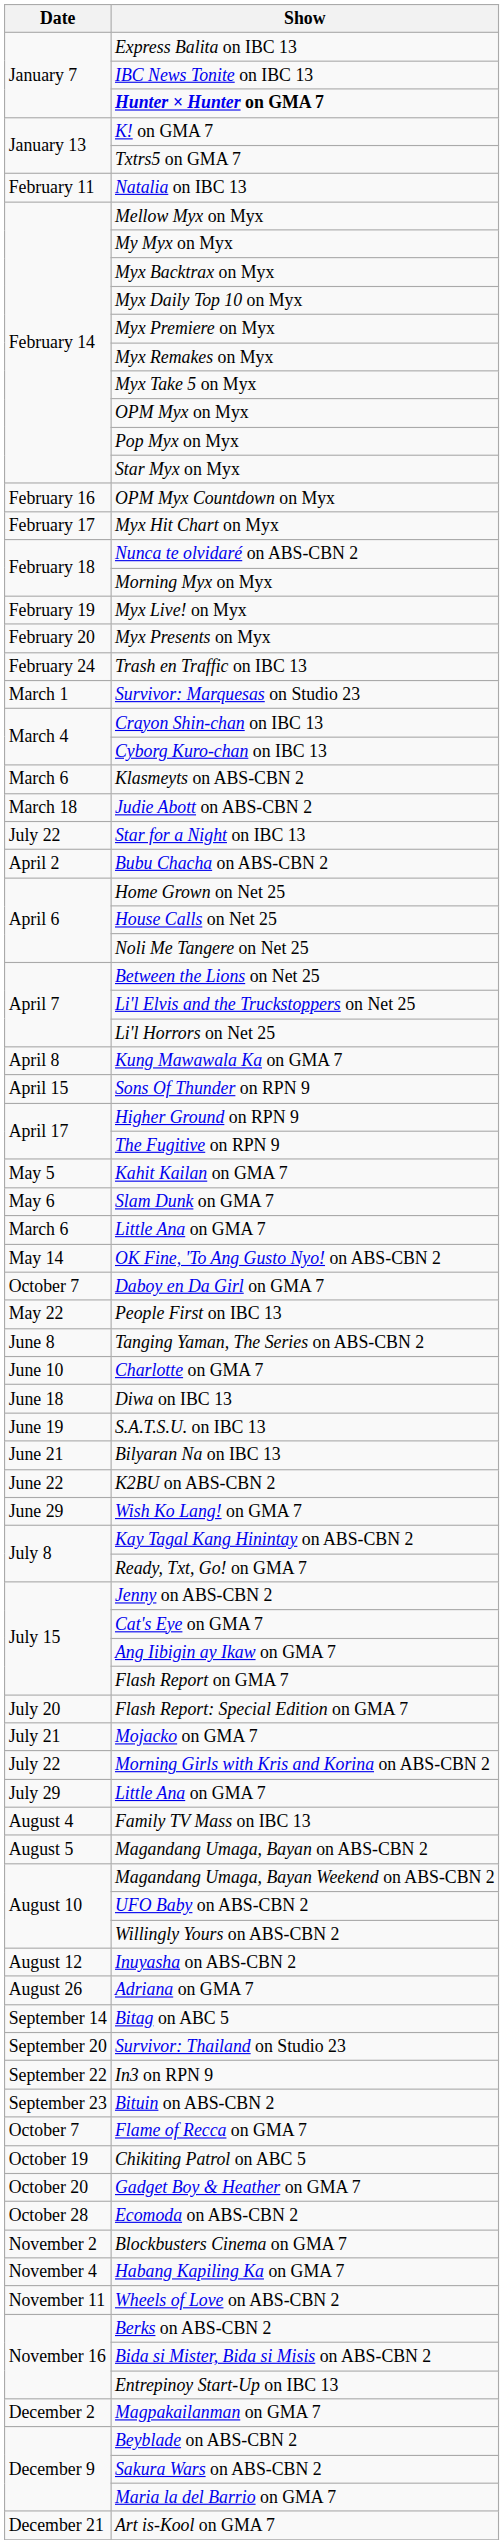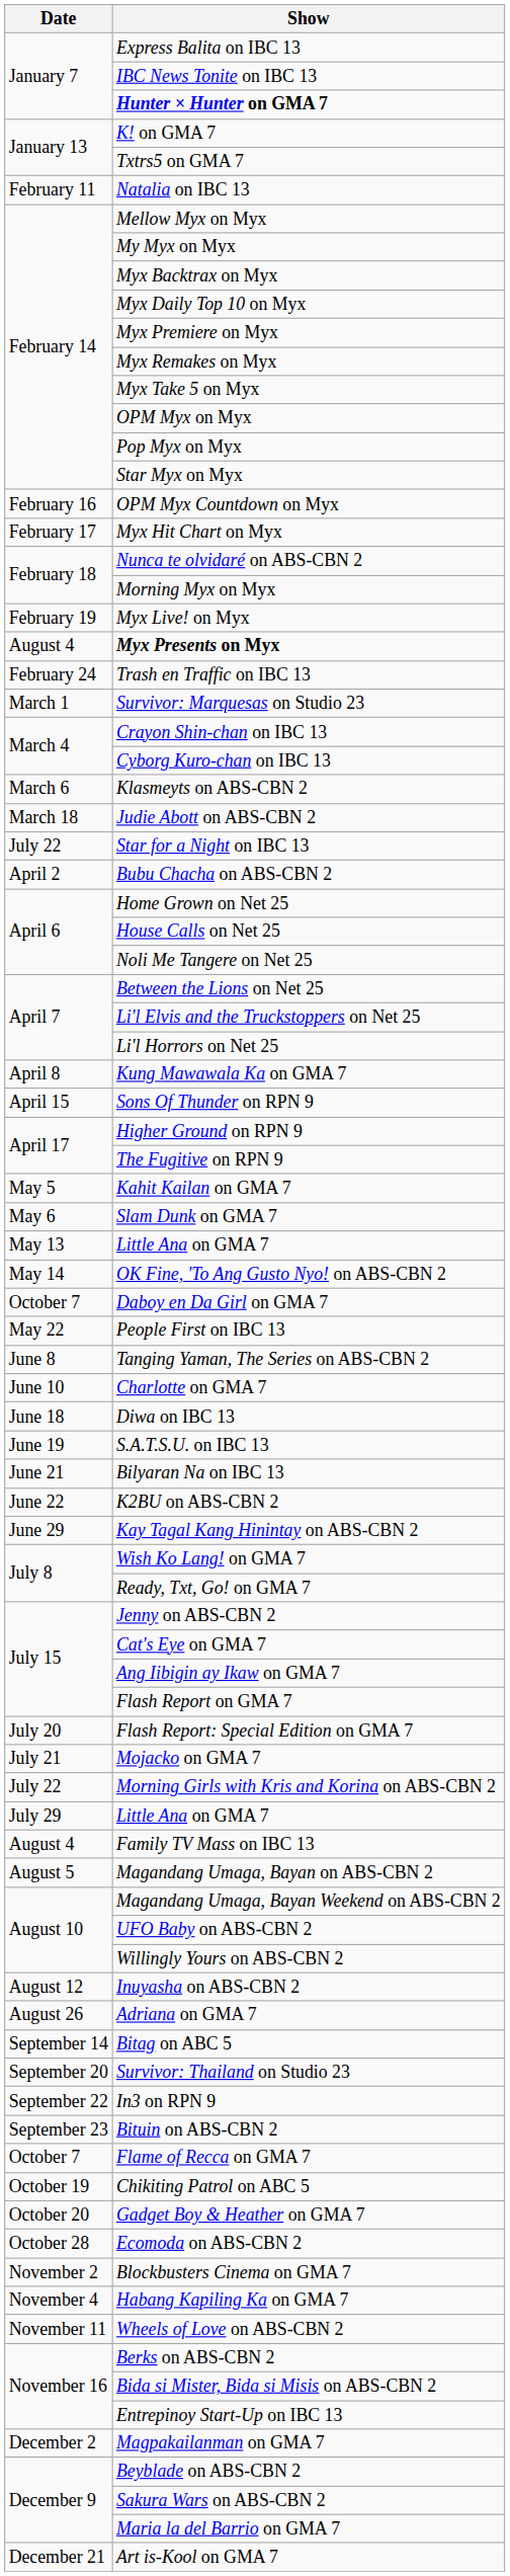 <table class="wikitable">
 <tr>
 <th>Date</th>
 <th>Show</th>
 </tr>
 <tr>
 <td rowspan="3">January 7</td>
 <td><em>Express Balita</em> on IBC 13</td>
 </tr>
 <tr>
 <td><em><a href='#'>IBC News Tonite</a></em> on IBC 13</td>
 </tr>
 <tr>
 <td><strong><em><a href='#'>Hunter × Hunter</a></em> on GMA 7</strong></td>
 </tr>
 <tr>
 <td rowspan="2">January 13</td>
 <td><em><a href='#'>K!</a></em> on GMA 7</td>
 </tr>
 <tr>
 <td><em>Txtrs5</em> on GMA 7</td>
 </tr>
 <tr>
 <td>February 11</td>
 <td><em><a href='#'>Natalia</a></em> on IBC 13</td>
 </tr>
 <tr>
 <td rowspan="10">February 14</td>
 <td><em>Mellow Myx</em> on Myx</td>
 </tr>
 <tr>
 <td><em>My Myx</em> on Myx</td>
 </tr>
 <tr>
 <td><em>Myx Backtrax</em> on Myx</td>
 </tr>
 <tr>
 <td><em>Myx Daily Top 10</em> on Myx</td>
 </tr>
 <tr>
 <td><em>Myx Premiere</em> on Myx</td>
 </tr>
 <tr>
 <td><em>Myx Remakes</em> on Myx</td>
 </tr>
 <tr>
 <td><em>Myx Take 5</em> on Myx</td>
 </tr>
 <tr>
 <td><em>OPM Myx</em> on Myx</td>
 </tr>
 <tr>
 <td><em>Pop Myx</em> on Myx</td>
 </tr>
 <tr>
 <td><em>Star Myx</em> on Myx</td>
 </tr>
 <tr>
 <td>February 16</td>
 <td><em>OPM Myx Countdown</em> on Myx</td>
 </tr>
 <tr>
 <td>February 17</td>
 <td><em>Myx Hit Chart</em> on Myx</td>
 </tr>
 <tr>
 <td rowspan="2">February 18</td>
 <td><em><a href='#'>Nunca te olvidaré</a></em> on ABS-CBN 2</td>
 </tr>
 <tr>
 <td><em>Morning Myx</em> on Myx</td>
 </tr>
 <tr>
 <td>February 19</td>
 <td><em>Myx Live!</em> on Myx</td>
 </tr>
 <tr>
-<td>February 20</td>
-<td><em>Myx Presents</em> on Myx</td>
+<td>August 4</td>
+<td><strong><em>Myx Presents</em> on Myx</strong></td>
 </tr>
 <tr>
 <td>February 24</td>
 <td><em>Trash en Traffic</em> on IBC 13</td>
 </tr>
 <tr>
 <td>March 1</td>
 <td><em><a href='#'>Survivor: Marquesas</a></em> on Studio 23</td>
 </tr>
 <tr>
 <td rowspan="2">March 4</td>
 <td><em><a href='#'>Crayon Shin-chan</a></em> on IBC 13</td>
 </tr>
 <tr>
 <td><em><a href='#'>Cyborg Kuro-chan</a></em> on IBC 13</td>
 </tr>
 <tr>
 <td>March 6</td>
 <td><em>Klasmeyts</em> on ABS-CBN 2</td>
 </tr>
 <tr>
 <td>March 18</td>
 <td><em><a href='#'>Judie Abott</a></em> on ABS-CBN 2</td>
 </tr>
 <tr>
 <td>July 22</td>
 <td><em><a href='#'>Star for a Night</a></em> on IBC 13</td>
 </tr>
 <tr>
 <td>April 2</td>
 <td><em><a href='#'>Bubu Chacha</a></em> on ABS-CBN 2</td>
 </tr>
 <tr>
 <td rowspan="3">April 6</td>
 <td><em>Home Grown</em> on Net 25</td>
 </tr>
 <tr>
 <td><em><a href='#'>House Calls</a></em> on Net 25</td>
 </tr>
 <tr>
 <td><em>Noli Me Tangere</em> on Net 25</td>
 </tr>
 <tr>
 <td rowspan="3">April 7</td>
 <td><em><a href='#'>Between the Lions</a></em> on Net 25</td>
 </tr>
 <tr>
 <td><em><a href='#'>Li'l Elvis and the Truckstoppers</a></em> on Net 25</td>
 </tr>
 <tr>
 <td><em>Li'l Horrors</em> on Net 25</td>
 </tr>
 <tr>
 <td>April 8</td>
 <td><em><a href='#'>Kung Mawawala Ka</a></em> on GMA 7</td>
 </tr>
 <tr>
 <td>April 15</td>
 <td><em><a href='#'>Sons Of Thunder</a></em> on RPN 9</td>
 </tr>
 <tr>
 <td rowspan="2">April 17</td>
 <td><em><a href='#'>Higher Ground</a></em> on RPN 9</td>
 </tr>
 <tr>
 <td><em><a href='#'>The Fugitive</a></em> on RPN 9</td>
 </tr>
 <tr>
 <td>May 5</td>
 <td><em><a href='#'>Kahit Kailan</a></em> on GMA 7</td>
 </tr>
 <tr>
 <td>May 6</td>
 <td><em><a href='#'>Slam Dunk</a></em> on GMA 7</td>
 </tr>
 <tr>
-<td>March 6</td>
+<td>May 13</td>
 <td><em><a href='#'>Little Ana</a></em> on GMA 7</td>
 </tr>
 <tr>
 <td>May 14</td>
 <td><em><a href='#'>OK Fine, 'To Ang Gusto Nyo!</a></em> on ABS-CBN 2</td>
 </tr>
 <tr>
 <td>October 7</td>
 <td><em><a href='#'>Daboy en Da Girl</a></em> on GMA 7</td>
 </tr>
 <tr>
 <td>May 22</td>
 <td><em>People First</em> on IBC 13</td>
 </tr>
 <tr>
 <td>June 8</td>
 <td><em>Tanging Yaman, The Series</em> on ABS-CBN 2</td>
 </tr>
 <tr>
 <td>June 10</td>
 <td><em><a href='#'>Charlotte</a></em> on GMA 7</td>
 </tr>
 <tr>
 <td>June 18</td>
 <td><em>Diwa</em> on IBC 13</td>
 </tr>
 <tr>
 <td>June 19</td>
 <td><em>S.A.T.S.U.</em> on IBC 13</td>
 </tr>
 <tr>
 <td>June 21</td>
 <td><em>Bilyaran Na</em> on IBC 13</td>
 </tr>
 <tr>
 <td>June 22</td>
 <td><em>K2BU</em> on ABS-CBN 2</td>
 </tr>
 <tr>
 <td>June 29</td>
-<td><em><a href='#'>Wish Ko Lang!</a></em> on GMA 7</td>
+<td><em><a href='#'>Kay Tagal Kang Hinintay</a></em> on ABS-CBN 2</td>
 </tr>
 <tr>
 <td rowspan="2">July 8</td>
-<td><em><a href='#'>Kay Tagal Kang Hinintay</a></em> on ABS-CBN 2</td>
+<td><em><a href='#'>Wish Ko Lang!</a></em> on GMA 7</td>
 </tr>
 <tr>
 <td><em>Ready, Txt, Go!</em> on GMA 7</td>
 </tr>
 <tr>
 <td rowspan="4">July 15</td>
 <td><em><a href='#'>Jenny</a></em> on ABS-CBN 2</td>
 </tr>
 <tr>
 <td><em><a href='#'>Cat's Eye</a></em> on GMA 7</td>
 </tr>
 <tr>
 <td><em><a href='#'>Ang Iibigin ay Ikaw</a></em> on GMA 7</td>
 </tr>
 <tr>
 <td><em>Flash Report</em> on GMA 7</td>
 </tr>
 <tr>
 <td>July 20</td>
 <td><em>Flash Report: Special Edition</em> on GMA 7</td>
 </tr>
 <tr>
 <td>July 21</td>
 <td><em><a href='#'>Mojacko</a></em> on GMA 7</td>
 </tr>
 <tr>
 <td>July 22</td>
 <td><em><a href='#'>Morning Girls with Kris and Korina</a></em> on ABS-CBN 2</td>
 </tr>
 <tr>
 <td>July 29</td>
 <td><em><a href='#'>Little Ana</a></em> on GMA 7</td>
 </tr>
 <tr>
 <td>August 4</td>
 <td><em>Family TV Mass</em> on IBC 13</td>
 </tr>
 <tr>
 <td>August 5</td>
 <td><em>Magandang Umaga, Bayan</em> on ABS-CBN 2</td>
 </tr>
 <tr>
 <td rowspan="3">August 10</td>
 <td><em>Magandang Umaga, Bayan Weekend</em> on ABS-CBN 2</td>
 </tr>
 <tr>
 <td><em><a href='#'>UFO Baby</a></em> on ABS-CBN 2</td>
 </tr>
 <tr>
 <td><em>Willingly Yours</em> on ABS-CBN 2</td>
 </tr>
 <tr>
 <td>August 12</td>
 <td><em><a href='#'>Inuyasha</a></em> on ABS-CBN 2</td>
 </tr>
 <tr>
 <td>August 26</td>
 <td><em><a href='#'>Adriana</a></em> on GMA 7</td>
 </tr>
 <tr>
 <td>September 14</td>
 <td><em><a href='#'>Bitag</a></em> on ABC 5</td>
 </tr>
 <tr>
 <td>September 20</td>
 <td><em><a href='#'>Survivor: Thailand</a></em> on Studio 23</td>
 </tr>
 <tr>
 <td>September 22</td>
 <td><em>In3</em> on RPN 9</td>
 </tr>
 <tr>
 <td>September 23</td>
 <td><em><a href='#'>Bituin</a></em> on ABS-CBN 2</td>
 </tr>
 <tr>
 <td>October 7</td>
 <td><em><a href='#'>Flame of Recca</a></em> on GMA 7</td>
 </tr>
 <tr>
 <td>October 19</td>
 <td><em>Chikiting Patrol</em> on ABC 5</td>
 </tr>
 <tr>
 <td>October 20</td>
 <td><em><a href='#'>Gadget Boy & Heather</a></em> on GMA 7</td>
 </tr>
 <tr>
 <td>October 28</td>
 <td><em><a href='#'>Ecomoda</a></em> on ABS-CBN 2</td>
 </tr>
 <tr>
 <td>November 2</td>
 <td><em>Blockbusters Cinema</em> on GMA 7</td>
 </tr>
 <tr>
 <td>November 4</td>
 <td><em><a href='#'>Habang Kapiling Ka</a></em> on GMA 7</td>
 </tr>
 <tr>
 <td>November 11</td>
 <td><em><a href='#'>Wheels of Love</a></em> on ABS-CBN 2</td>
 </tr>
 <tr>
 <td rowspan="3">November 16</td>
 <td><em><a href='#'>Berks</a></em> on ABS-CBN 2</td>
 </tr>
 <tr>
 <td><em><a href='#'>Bida si Mister, Bida si Misis</a></em> on ABS-CBN 2</td>
 </tr>
 <tr>
 <td><em>Entrepinoy Start-Up</em> on IBC 13</td>
 </tr>
 <tr>
 <td>December 2</td>
 <td><em><a href='#'>Magpakailanman</a></em> on GMA 7</td>
 </tr>
 <tr>
 <td rowspan="3">December 9</td>
 <td><em><a href='#'>Beyblade</a></em> on ABS-CBN 2</td>
 </tr>
 <tr>
 <td><em><a href='#'>Sakura Wars</a></em> on ABS-CBN 2</td>
 </tr>
 <tr>
 <td><em><a href='#'>Maria la del Barrio</a></em> on GMA 7</td>
 </tr>
 <tr>
 <td>December 21</td>
 <td><em>Art is-Kool</em> on GMA 7</td>
 </tr>
 </table>
